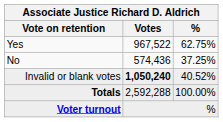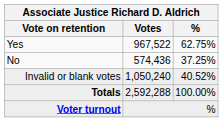 <table class="wikitable" style="font-size: 95%;">
 <tr style="background-color:#E9E9E9">
 <th colspan=7>Associate Justice Richard D. Aldrich</th>
 </tr>
 <tr style="background-color:#E9E9E9">
 <th style="width: 170px">Vote on retention</th>
 <th style="width: 50px">Votes</th>
 <th style="width: 40px">%</th>
 </tr>
 <tr>
 <td>Yes</td>
 <td align="right">967,522</td>
 <td align="right">62.75%</td>
 </tr>
 <tr>
 <td>No</td>
 <td align="right">574,436</td>
 <td align="right">37.25%</td>
 </tr>
 <tr style="background-color:#EEEEEE">
 <td align="right">Invalid or blank votes</td>
-<td align="right"><strong>1,050,240</strong></td>
+<td align="right">1,050,240</td>
 <td align="right">40.52%</td>
 </tr>
 <tr style="background-color:#EEEEEE">
 <td colspan="1" align="right"><strong>Totals</strong></td>
 <td align="right">2,592,288</td>
 <td align="right">100.00%</td>
 </tr>
 <tr style="background-color:#EEEEEE">
 <td align="right"><strong><a href='#'>Voter turnout</a></strong></td>
 <td colspan="2" align="right">%</td>
 </tr>
 </table>
